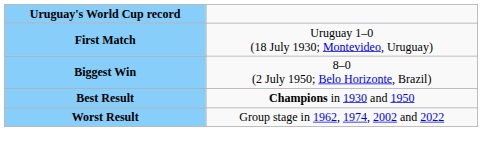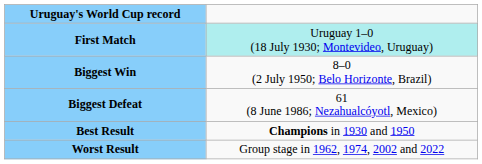 <table class="wikitable collapsible collapsed" style="width:50%;text-align:center">
 <tr>
 <th style="background:#87cefa; color:black; ">Uruguay's World Cup record</th>
 </tr>
 <tr>
 <th style="background:#87cefa; color:black; ">First Match</th>
-<td> Uruguay 1–0 <br> (18 July 1930; <a href='#'>Montevideo</a>, Uruguay)</td>
+<td style="background: paleturquoise;"> Uruguay 1–0 <br> (18 July 1930; <a href='#'>Montevideo</a>, Uruguay)</td>
 </tr>
 <tr>
 <th style="background:#87cefa; color:black; ">Biggest Win</th>
 <td> 8–0 <br> (2 July 1950; <a href='#'>Belo Horizonte</a>, Brazil)</td>
+</tr>
+<tr>
+<th style="background:#87cefa; color:black; ">Biggest Defeat</th>
+<td> 61 <br> (8 June 1986; <a href='#'>Nezahualcóyotl</a>, Mexico)</td>
 </tr>
 <tr>
 <th style="background:#87cefa; color:black; ">Best Result</th>
 <td><strong>Champions</strong> in <a href='#'>1930</a> and <a href='#'>1950</a></td>
 </tr>
 <tr>
 <th style="background:#87cefa; color:black; ">Worst Result</th>
 <td>Group stage in <a href='#'>1962</a>, <a href='#'>1974</a>, <a href='#'>2002</a> and <a href='#'>2022</a></td>
 </tr>
 </table>
